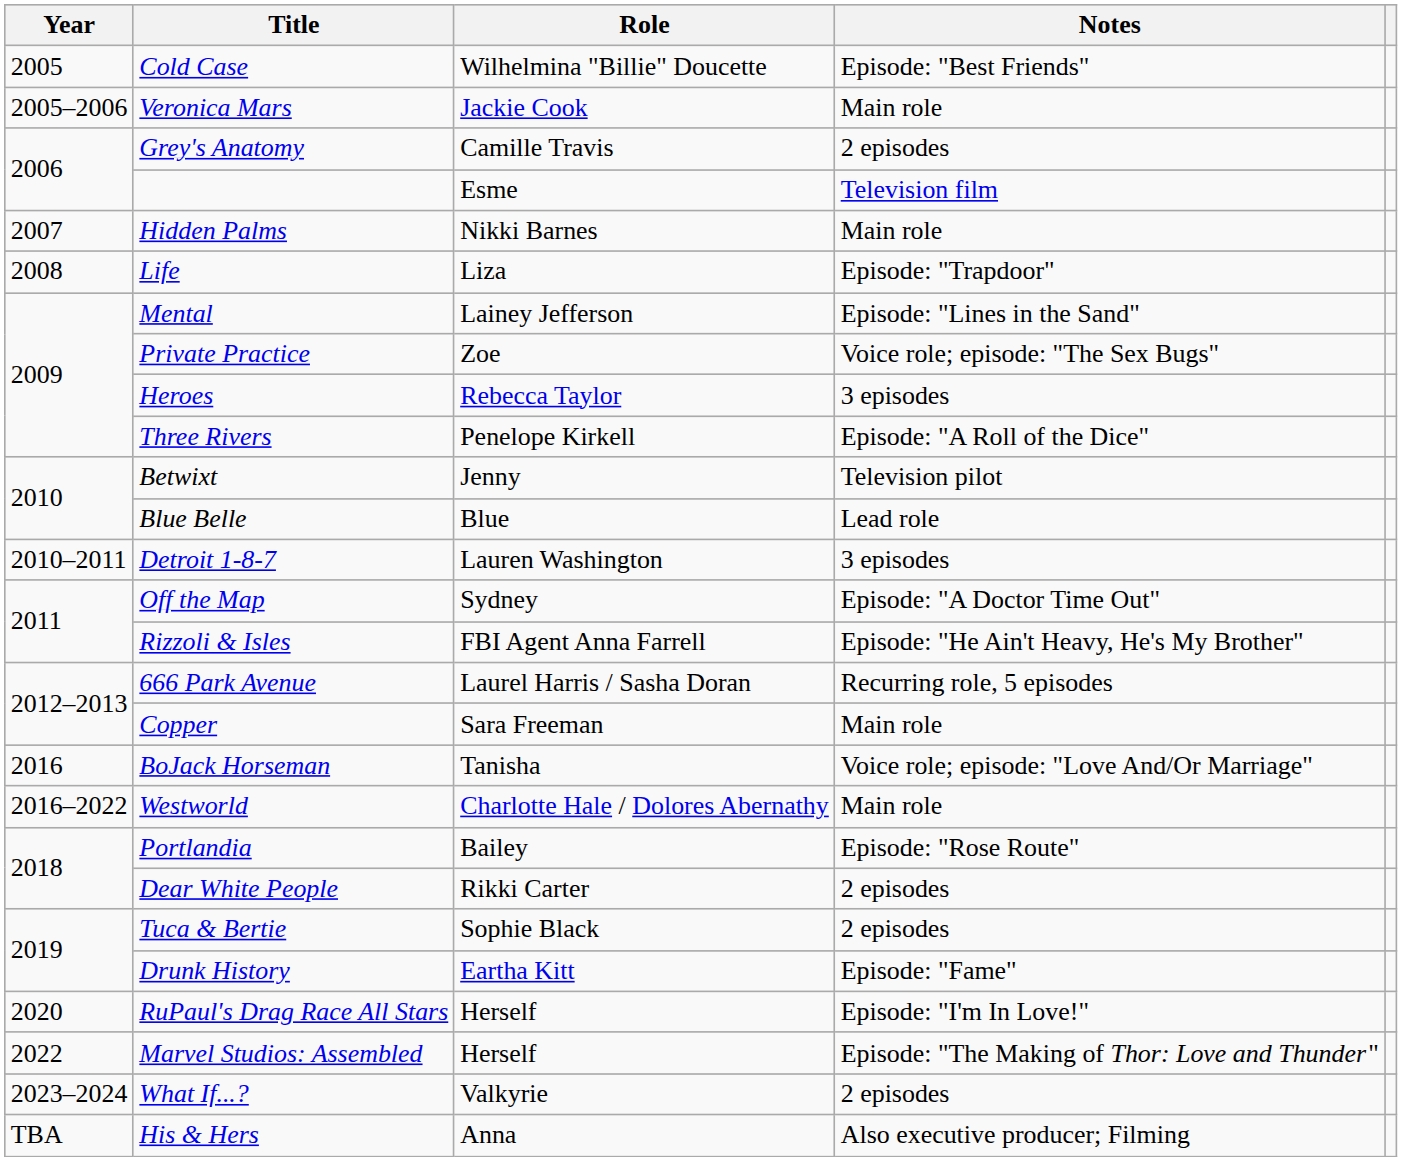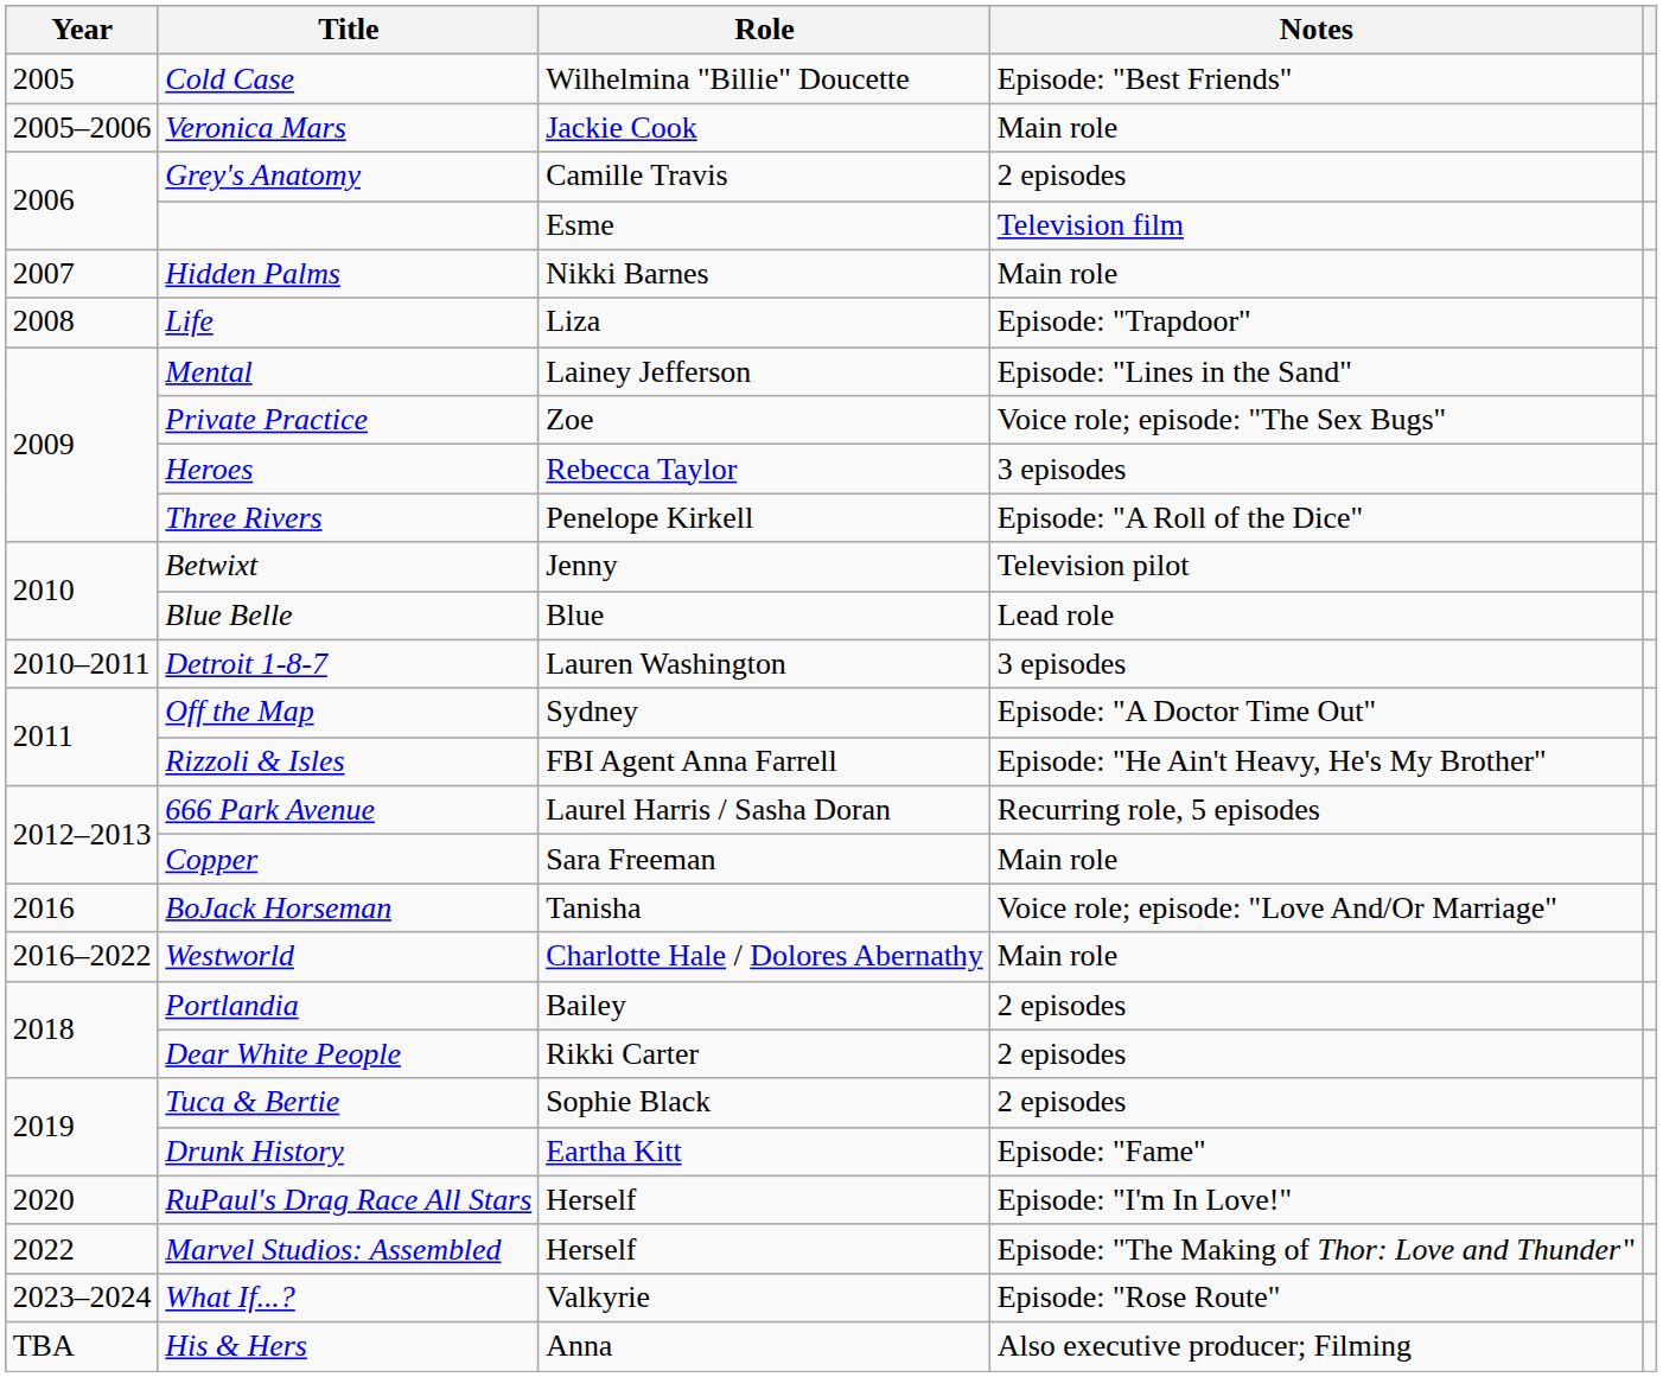 <table class="wikitable unsortable">
 <tr>
 <th>Year</th>
 <th>Title</th>
 <th>Role</th>
 <th class="unsortable">Notes</th>
 <th class="unsortable"></th>
 </tr>
 <tr>
 <td>2005</td>
 <td><em><a href='#'>Cold Case</a></em></td>
 <td>Wilhelmina "Billie" Doucette</td>
 <td>Episode: "Best Friends"</td>
 <td style="text-align: center;"></td>
 </tr>
 <tr>
 <td>2005–2006</td>
 <td><em><a href='#'>Veronica Mars</a></em></td>
 <td><a href='#'>Jackie Cook</a></td>
 <td>Main role</td>
 <td style="text-align: center;"></td>
 </tr>
 <tr>
 <td rowspan=2>2006</td>
 <td><em><a href='#'>Grey's Anatomy</a></em></td>
 <td>Camille Travis</td>
 <td>2 episodes</td>
 <td style="text-align: center;"></td>
 </tr>
 <tr>
 <td><em></em></td>
 <td>Esme</td>
 <td><a href='#'>Television film</a></td>
 <td style="text-align: center;"></td>
 </tr>
 <tr>
 <td>2007</td>
 <td><em><a href='#'>Hidden Palms</a></em></td>
 <td>Nikki Barnes</td>
 <td>Main role</td>
 <td style="text-align: center;"></td>
 </tr>
 <tr>
 <td>2008</td>
 <td><em><a href='#'>Life</a></em></td>
 <td>Liza</td>
 <td>Episode: "Trapdoor"</td>
 <td style="text-align: center;"></td>
 </tr>
 <tr>
 <td rowspan=4>2009</td>
 <td><em><a href='#'>Mental</a></em></td>
 <td>Lainey Jefferson</td>
 <td>Episode: "Lines in the Sand"</td>
 <td style="text-align: center;"></td>
 </tr>
 <tr>
 <td><em><a href='#'>Private Practice</a></em></td>
 <td>Zoe</td>
 <td>Voice role; episode: "The Sex Bugs"</td>
 <td style="text-align: center;"></td>
 </tr>
 <tr>
 <td><em><a href='#'>Heroes</a></em></td>
 <td><a href='#'>Rebecca Taylor</a></td>
 <td>3 episodes</td>
 <td style="text-align: center;"></td>
 </tr>
 <tr>
 <td><em><a href='#'>Three Rivers</a></em></td>
 <td>Penelope Kirkell</td>
 <td>Episode: "A Roll of the Dice"</td>
 <td style="text-align: center;"></td>
 </tr>
 <tr>
 <td rowspan=2>2010</td>
 <td><em>Betwixt</em></td>
 <td>Jenny</td>
 <td>Television pilot</td>
 <td style="text-align: center;"></td>
 </tr>
 <tr>
 <td><em>Blue Belle</em></td>
 <td>Blue</td>
 <td>Lead role</td>
 <td style="text-align: center;"></td>
 </tr>
 <tr>
 <td>2010–2011</td>
 <td><em><a href='#'>Detroit 1-8-7</a></em></td>
 <td>Lauren Washington</td>
 <td>3 episodes</td>
 <td style="text-align: center;"></td>
 </tr>
 <tr>
 <td rowspan=2>2011</td>
 <td><em><a href='#'>Off the Map</a></em></td>
 <td>Sydney</td>
 <td>Episode: "A Doctor Time Out"</td>
 <td style="text-align: center;"></td>
 </tr>
 <tr>
 <td><em><a href='#'>Rizzoli & Isles</a></em></td>
 <td>FBI Agent Anna Farrell</td>
 <td>Episode: "He Ain't Heavy, He's My Brother"</td>
 <td style="text-align: center;"></td>
 </tr>
 <tr>
 <td rowspan=2>2012–2013</td>
 <td><em><a href='#'>666 Park Avenue</a></em></td>
 <td>Laurel Harris / Sasha Doran</td>
 <td>Recurring role, 5 episodes</td>
 <td style="text-align: center;"></td>
 </tr>
 <tr>
 <td><em><a href='#'>Copper</a></em></td>
 <td>Sara Freeman</td>
 <td>Main role</td>
 <td style="text-align: center;"></td>
 </tr>
 <tr>
 <td>2016</td>
 <td><em><a href='#'>BoJack Horseman</a></em></td>
 <td>Tanisha</td>
 <td>Voice role; episode: "Love And/Or Marriage"</td>
 <td style="text-align: center;"></td>
 </tr>
 <tr>
 <td>2016–2022</td>
 <td><em><a href='#'>Westworld</a></em></td>
 <td><a href='#'>Charlotte Hale</a> / <a href='#'>Dolores Abernathy</a></td>
 <td>Main role</td>
 <td style="text-align: center;"></td>
 </tr>
 <tr>
 <td rowspan=2>2018</td>
 <td><em><a href='#'>Portlandia</a></em></td>
 <td>Bailey</td>
-<td>Episode: "Rose Route"</td>
+<td>2 episodes</td>
 <td style="text-align: center;"></td>
 </tr>
 <tr>
 <td><em><a href='#'>Dear White People</a></em></td>
 <td>Rikki Carter</td>
 <td>2 episodes</td>
 <td style="text-align: center;"></td>
 </tr>
 <tr>
 <td rowspan=2>2019</td>
 <td><em><a href='#'>Tuca & Bertie</a></em></td>
 <td>Sophie Black</td>
 <td>2 episodes</td>
 <td style="text-align: center;"></td>
 </tr>
 <tr>
 <td><em><a href='#'>Drunk History</a></em></td>
 <td><a href='#'>Eartha Kitt</a></td>
 <td>Episode: "Fame"</td>
 <td style="text-align: center;"></td>
 </tr>
 <tr>
 <td>2020</td>
 <td><em><a href='#'>RuPaul's Drag Race All Stars</a></em></td>
 <td>Herself</td>
 <td>Episode: "I'm In Love!"</td>
 <td style="text-align: center;"></td>
 </tr>
 <tr>
 <td>2022</td>
 <td><em><a href='#'>Marvel Studios: Assembled</a></em></td>
 <td>Herself</td>
 <td>Episode: "The Making of <em>Thor: Love and Thunder</em> "</td>
 <td></td>
 </tr>
 <tr>
 <td>2023–2024</td>
 <td><em><a href='#'>What If...?</a></em></td>
 <td>Valkyrie</td>
-<td>2 episodes</td>
+<td>Episode: "Rose Route"</td>
 <td style="text-align: center;"></td>
 </tr>
 <tr>
 <td>TBA</td>
 <td><em><a href='#'>His & Hers</a></td>
 <td>Anna</td>
 <td>Also executive producer; Filming</td>
 <td></td>
 </tr>
 </table>
